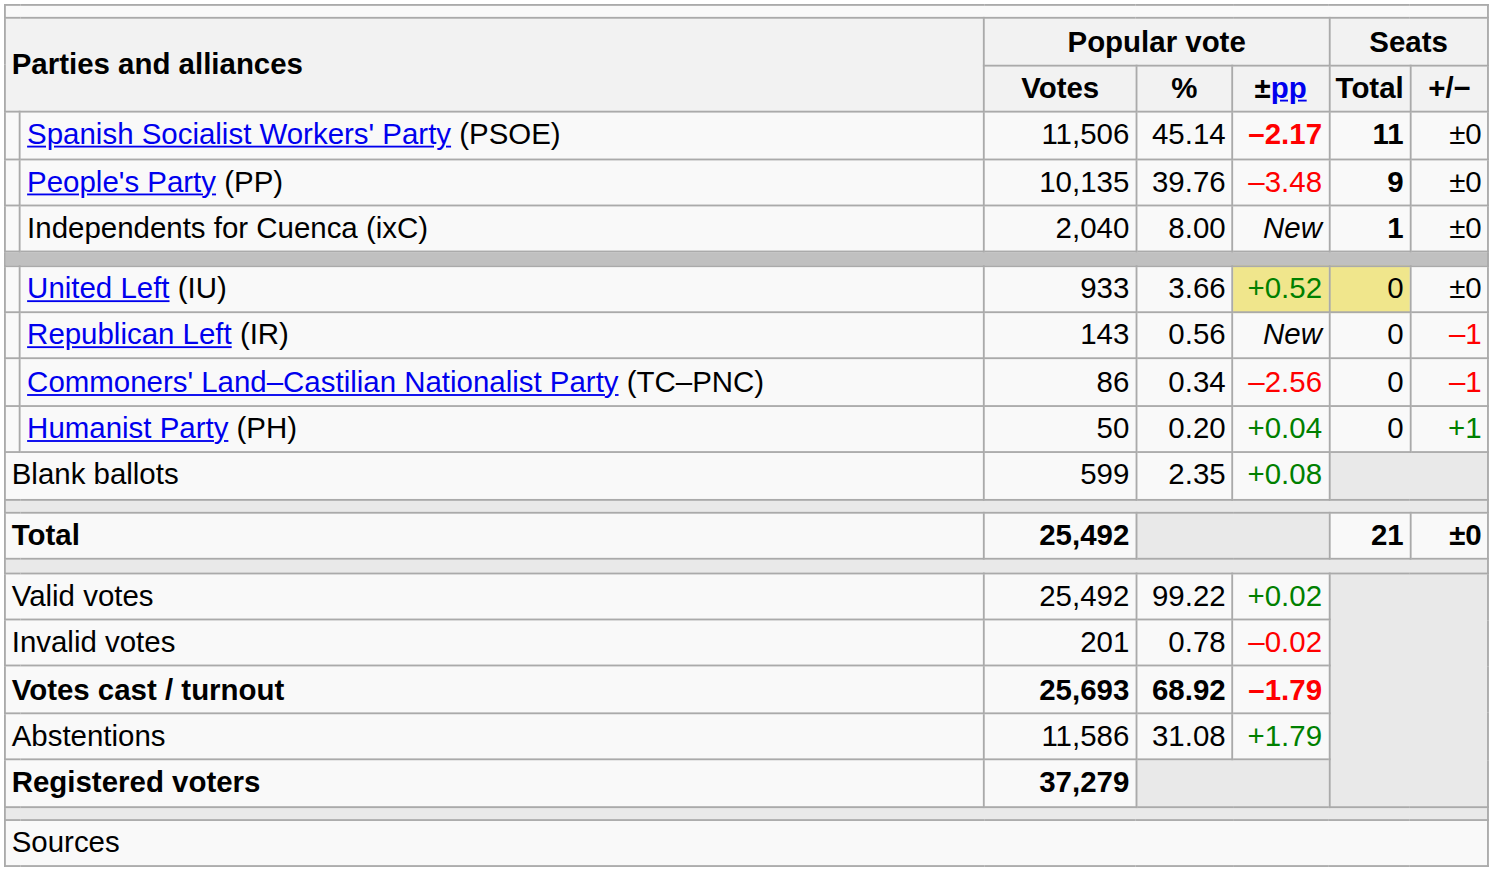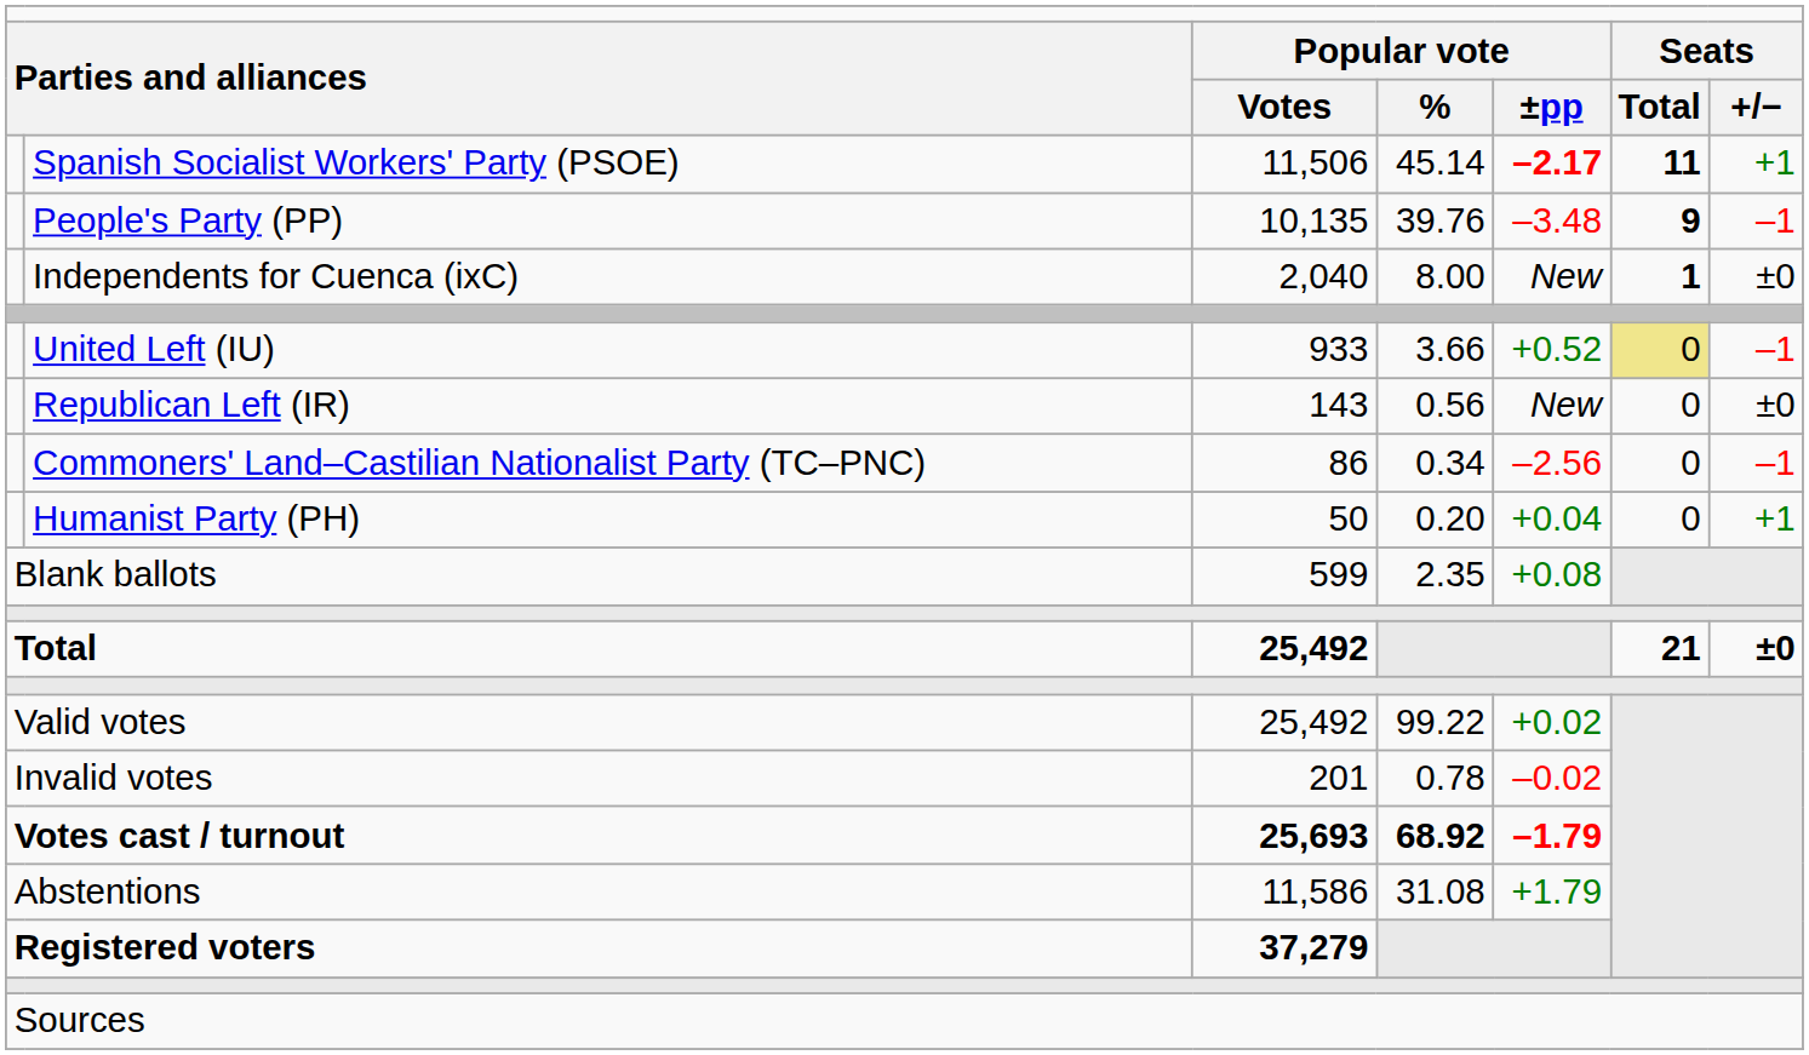 <table class="wikitable" style="text-align:right;">
 <tr>
 <td colspan="7"></td>
 </tr>
 <tr>
 <th style="text-align:left;" rowspan="2" colspan="2" width="525">Parties and alliances</th>
 <th colspan="3">Popular vote</th>
 <th colspan="2">Seats</th>
 </tr>
 <tr>
 <th width="75">Votes</th>
 <th width="45">%</th>
 <th width="45">±<a href='#'>pp</a></th>
 <th width="35">Total</th>
 <th width="35">+/−</th>
 </tr>
 <tr>
 <td width="1" style="color:inherit;background:"></td>
 <td align="left"><a href='#'>Spanish Socialist Workers' Party</a> (PSOE)</td>
 <td>11,506</td>
 <td>45.14</td>
 <td style="color:red;"><strong>–2.17</strong></td>
 <td><strong>11</strong></td>
-<td>±0</td>
+<td style="color:green;">+1</td>
 </tr>
 <tr>
 <td style="color:inherit;background:"></td>
 <td align="left"><a href='#'>People's Party</a> (PP)</td>
 <td>10,135</td>
 <td>39.76</td>
 <td style="color:red;">–3.48</td>
 <td><strong>9</strong></td>
-<td>±0</td>
+<td style="color:red;">–1</td>
 </tr>
 <tr>
 <td style="color:inherit;background:"></td>
 <td align="left">Independents for Cuenca (ixC)</td>
 <td>2,040</td>
 <td>8.00</td>
 <td><em>New</em></td>
 <td><strong>1</strong></td>
 <td>±0</td>
 </tr>
 <tr>
 <td colspan="7" bgcolor="#C0C0C0"></td>
 </tr>
 <tr>
 <td style="color:inherit;background:"></td>
 <td align="left"><a href='#'>United Left</a> (IU)</td>
 <td>933</td>
 <td>3.66</td>
-<td style="background: khaki; color:green;">+0.52</td>
+<td style="color:green;">+0.52</td>
 <td style="background: khaki;">0</td>
-<td>±0</td>
+<td style="color:red;">–1</td>
 </tr>
 <tr>
 <td style="color:inherit;background:"></td>
 <td align="left"><a href='#'>Republican Left</a> (IR)</td>
 <td>143</td>
 <td>0.56</td>
 <td><em>New</em></td>
 <td>0</td>
-<td style="color:red;">–1</td>
+<td>±0</td>
 </tr>
 <tr>
 <td style="color:inherit;background:"></td>
 <td align="left"><a href='#'>Commoners' Land–Castilian Nationalist Party</a> (TC–PNC)</td>
 <td>86</td>
 <td>0.34</td>
 <td style="color:red;">–2.56</td>
 <td>0</td>
 <td style="color:red;">–1</td>
 </tr>
 <tr>
 <td style="color:inherit;background:"></td>
 <td align="left"><a href='#'>Humanist Party</a> (PH)</td>
 <td>50</td>
 <td>0.20</td>
 <td style="color:green;">+0.04</td>
 <td>0</td>
 <td style="color:green;">+1</td>
 </tr>
 <tr>
 <td align="left" colspan="2">Blank ballots</td>
 <td>599</td>
 <td>2.35</td>
 <td style="color:green;">+0.08</td>
 <td bgcolor="#E9E9E9" colspan="2"></td>
 </tr>
 <tr>
 <td colspan="7" bgcolor="#E9E9E9"></td>
 </tr>
 <tr style="font-weight:bold;">
 <td align="left" colspan="2">Total</td>
 <td>25,492</td>
 <td bgcolor="#E9E9E9" colspan="2"></td>
 <td>21</td>
 <td>±0</td>
 </tr>
 <tr>
 <td colspan="7" bgcolor="#E9E9E9"></td>
 </tr>
 <tr>
 <td align="left" colspan="2">Valid votes</td>
 <td>25,492</td>
 <td>99.22</td>
 <td style="color:green;">+0.02</td>
 <td bgcolor="#E9E9E9" colspan="2" rowspan="5"></td>
 </tr>
 <tr>
 <td align="left" colspan="2">Invalid votes</td>
 <td>201</td>
 <td>0.78</td>
 <td style="color:red;">–0.02</td>
 </tr>
 <tr style="font-weight:bold;">
 <td align="left" colspan="2">Votes cast / turnout</td>
 <td>25,693</td>
 <td>68.92</td>
 <td style="color:red;">–1.79</td>
 </tr>
 <tr>
 <td align="left" colspan="2">Abstentions</td>
 <td>11,586</td>
 <td>31.08</td>
 <td style="color:green;">+1.79</td>
 </tr>
 <tr style="font-weight:bold;">
 <td align="left" colspan="2">Registered voters</td>
 <td>37,279</td>
 <td bgcolor="#E9E9E9" colspan="2"></td>
 </tr>
 <tr>
 <td colspan="7" bgcolor="#E9E9E9"></td>
 </tr>
 <tr>
 <td align="left" colspan="7">Sources</td>
 </tr>
 </table>
